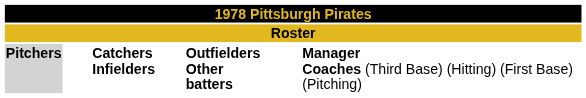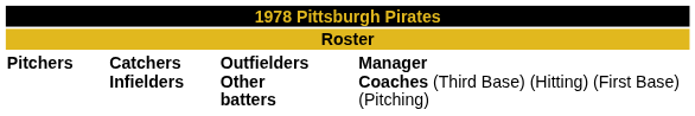 <table class="toccolours" style="font-size: 95%;">
 <tr>
 <th colspan="10" style="background-color: black; color: #e1b81e; text-align: center;">1978 Pittsburgh Pirates</th>
 </tr>
 <tr>
 <td colspan="10" style="background-color: #e1b81e; color: black; text-align: center;"><strong>Roster</strong></td>
 </tr>
 <tr>
-<td valign="top" style="background: lightgrey;"><strong>Pitchers</strong><br>             </td>
+<td valign="top"><strong>Pitchers</strong><br>             </td>
 <td width="25px"></td>
 <td valign="top"><strong>Catchers</strong><br>   <strong>Infielders</strong>           </td>
 <td width="25px"></td>
 <td valign="top"><strong>Outfielders</strong><br>       <strong>Other batters</strong>  </td>
 <td width="25px"></td>
 <td valign="top"><strong>Manager</strong><br> <strong>Coaches</strong>  (Third Base)  (Hitting)  (First Base)  (Pitching)</td>
 </tr>
 </table>
